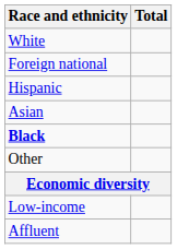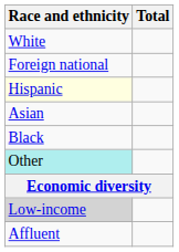 <table class="wikitable floatright sortable collapsible"; text-align:right; font-size:80%;">
 <tr>
 <th>Race and ethnicity</th>
 <th colspan="2" data-sort-type=number>Total</th>
 </tr>
 <tr>
 <td><a href='#'>White</a></td>
 <td align=right></td>
 </tr>
 <tr>
 <td><a href='#'>Foreign national</a></td>
 <td align=right></td>
 </tr>
 <tr>
-<td><a href='#'>Hispanic</a></td>
+<td style="background: lightyellow;"><a href='#'>Hispanic</a></td>
 <td align=right></td>
 </tr>
 <tr>
 <td><a href='#'>Asian</a></td>
 <td align=right></td>
 </tr>
 <tr>
-<td><strong><a href='#'>Black</a></strong></td>
+<td><a href='#'>Black</a></td>
 <td align=right></td>
 </tr>
 <tr>
-<td>Other</td>
+<td style="background: paleturquoise;">Other</td>
 <td align=right></td>
 </tr>
 <tr>
 <th colspan="4" data-sort-type=number><a href='#'>Economic diversity</a></th>
 </tr>
 <tr>
-<td><a href='#'>Low-income</a></td>
+<td style="background: lightgrey;"><a href='#'>Low-income</a></td>
 <td align=right></td>
 </tr>
 <tr>
 <td><a href='#'>Affluent</a></td>
 <td align=right></td>
 </tr>
 </table>
